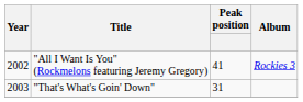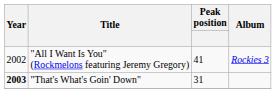 <table class="wikitable">
 <tr>
 <th !align="center" rowspan="2">Year</th>
 <th !align="center" rowspan="2">Title</th>
 <th !align="center" colspan="1">Peak position</th>
 <th !align="center" rowspan="2">Album</th>
 </tr>
 <tr>
 <th width="30"><br></th>
 </tr>
 <tr>
 <td rowspan=1>2002</td>
 <td align="left">"All I Want Is You" <br> (<a href='#'>Rockmelons</a> featuring Jeremy Gregory)</td>
 <td>41</td>
 <td><em><a href='#'>Rockies 3</a></em></td>
 </tr>
 <tr>
-<td rowspan=1>2003</td>
+<td rowspan=1><strong>2003</strong></td>
 <td align="left">"That's What's Goin' Down"</td>
 <td>31</td>
 <td></td>
 </tr>
 <tr>
 </tr>
 </table>
